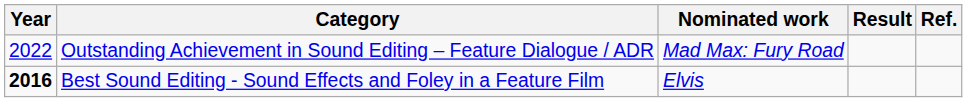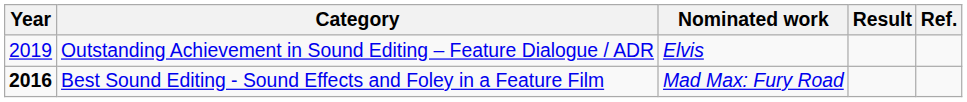 <table class="wikitable">
 <tr>
 <th>Year</th>
 <th>Category</th>
 <th>Nominated work</th>
 <th>Result</th>
 <th>Ref.</th>
 </tr>
 <tr>
-<td><a href='#'>2022</a></td>
+<td><a href='#'>2019</a></td>
 <td><a href='#'>Outstanding Achievement in Sound Editing – Feature Dialogue / ADR</a></td>
-<td><em><a href='#'>Mad Max: Fury Road</a></em></td>
+<td><em><a href='#'>Elvis</a></em></td>
 <td></td>
 <td></td>
 </tr>
 <tr>
 <td><strong>2016</strong></td>
 <td><a href='#'>Best Sound Editing - Sound Effects and Foley in a Feature Film</a></td>
-<td><em><a href='#'>Elvis</a></em></td>
+<td><em><a href='#'>Mad Max: Fury Road</a></em></td>
 <td></td>
 <td></td>
 </tr>
 </table>
